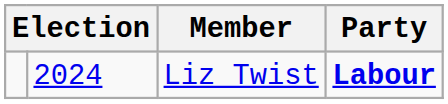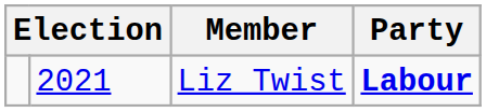 <table class="wikitable">
 <tr>
 <th colspan="2">Election</th>
 <th>Member</th>
 <th>Party</th>
 </tr>
 <tr>
 <td style="color:inherit;background-color: "></td>
-<td><a href='#'>2024</a></td>
+<td><a href='#'>2021</a></td>
 <td><a href='#'>Liz Twist</a></td>
 <td><strong><a href='#'>Labour</a></strong></td>
 </tr>
 </table>
